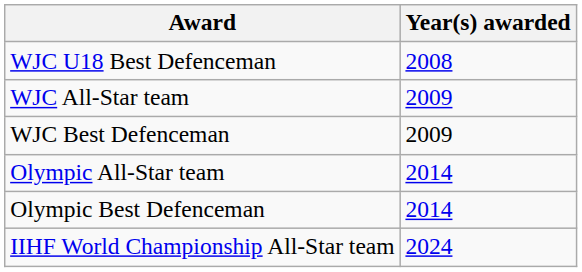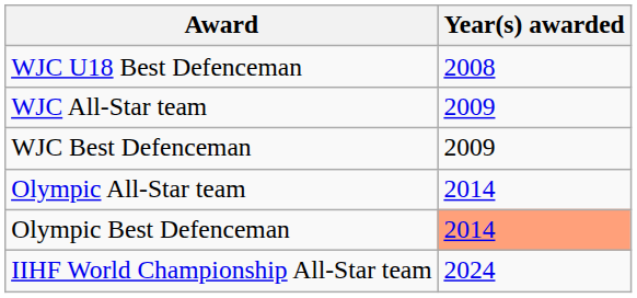 <table class="wikitable">
 <tr>
 <th>Award</th>
 <th>Year(s) awarded</th>
 </tr>
 <tr>
 <td><a href='#'>WJC U18</a> Best Defenceman</td>
 <td><a href='#'>2008</a></td>
 </tr>
 <tr>
 <td><a href='#'>WJC</a> All-Star team</td>
 <td><a href='#'>2009</a></td>
 </tr>
 <tr>
 <td>WJC Best Defenceman</td>
 <td>2009</td>
 </tr>
 <tr>
 <td><a href='#'>Olympic</a> All-Star team</td>
 <td><a href='#'>2014</a></td>
 </tr>
 <tr>
 <td>Olympic Best Defenceman</td>
-<td><a href='#'>2014</a></td>
+<td style="background: lightsalmon;"><a href='#'>2014</a></td>
 </tr>
 <tr>
 <td><a href='#'>IIHF World Championship</a> All-Star team</td>
 <td><a href='#'>2024</a></td>
 </tr>
 </table>
